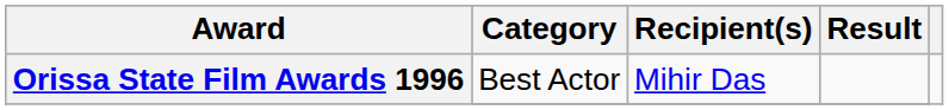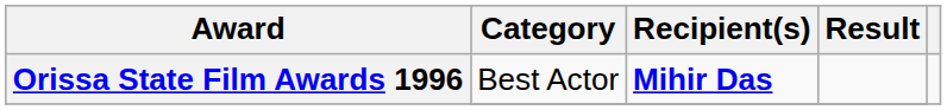 <table class="wikitable plainrowheaders sortable">
 <tr>
 <th scope="col">Award</th>
 <th scope="col">Category</th>
 <th scope="col">Recipient(s)</th>
 <th scope="col">Result</th>
 <th scope="col" class="unsortable"></th>
 </tr>
 <tr>
 <th scope="row" rowspan="6"><a href='#'>Orissa State Film Awards</a> 1996</th>
 <td>Best Actor</td>
-<td><a href='#'>Mihir Das</a></td>
+<td><strong><a href='#'>Mihir Das</a></strong></td>
 <td></td>
 <td style="text-align:center;" rowspan="6"></td>
 </tr>
 <tr>
 </tr>
 </table>
